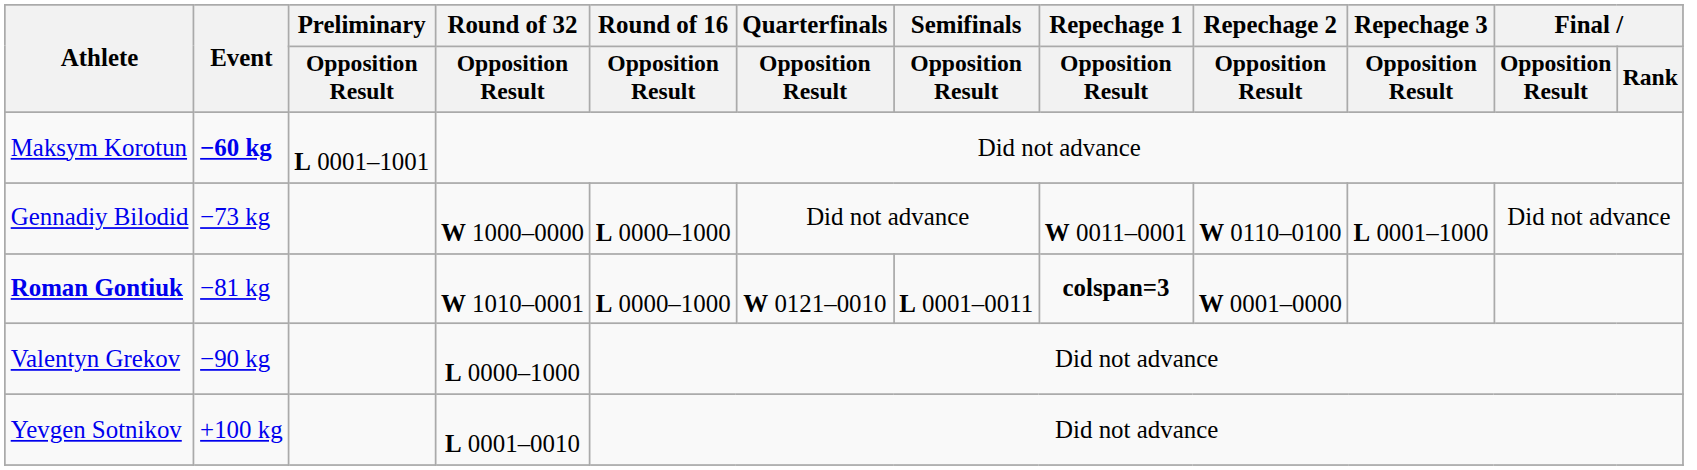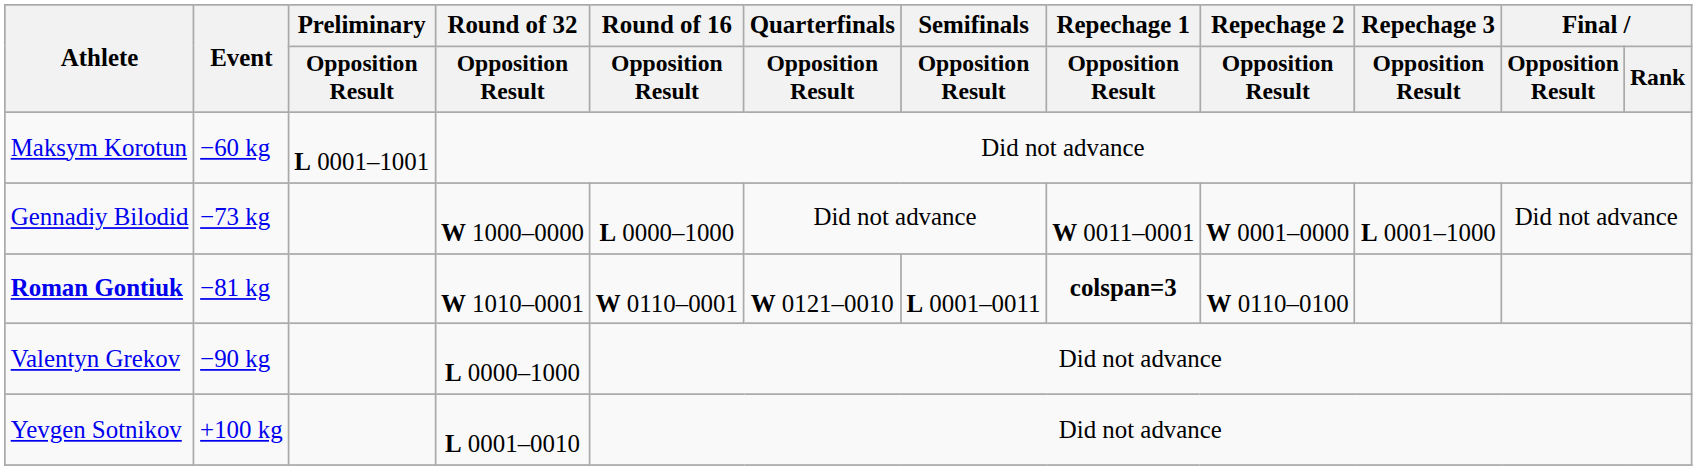 <table class="wikitable" style="font-size:90%">
 <tr>
 <th rowspan="2">Athlete</th>
 <th rowspan="2">Event</th>
 <th>Preliminary</th>
 <th>Round of 32</th>
 <th>Round of 16</th>
 <th>Quarterfinals</th>
 <th>Semifinals</th>
 <th>Repechage 1</th>
 <th>Repechage 2</th>
 <th>Repechage 3</th>
 <th colspan=2>Final / </th>
 </tr>
 <tr style="font-size:95%">
 <th>Opposition<br>Result</th>
 <th>Opposition<br>Result</th>
 <th>Opposition<br>Result</th>
 <th>Opposition<br>Result</th>
 <th>Opposition<br>Result</th>
 <th>Opposition<br>Result</th>
 <th>Opposition<br>Result</th>
 <th>Opposition<br>Result</th>
 <th>Opposition<br>Result</th>
 <th>Rank</th>
 </tr>
 <tr align=center>
 <td align=left><a href='#'>Maksym Korotun</a></td>
-<td align=left><strong><a href='#'>−60 kg</a></strong></td>
+<td align=left><a href='#'>−60 kg</a></td>
 <td><br><strong>L</strong> 0001–1001</td>
 <td colspan=9>Did not advance</td>
 </tr>
 <tr align=center>
 <td align=left><a href='#'>Gennadiy Bilodid</a></td>
 <td align=left><a href='#'>−73 kg</a></td>
 <td></td>
 <td><br><strong>W</strong> 1000–0000</td>
 <td><br><strong>L</strong> 0000–1000</td>
 <td colspan=2>Did not advance</td>
 <td><br><strong>W</strong> 0011–0001</td>
-<td><br> <strong>W</strong> 0110–0100</td>
+<td><br><strong>W</strong> 0001–0000</td>
 <td><br> <strong>L</strong> 0001–1000</td>
 <td colspan=2>Did not advance</td>
 </tr>
 <tr align=center>
 <td align=left><strong><a href='#'>Roman Gontiuk</a></strong></td>
 <td align=left><a href='#'>−81 kg</a></td>
 <td></td>
 <td><br> <strong>W</strong> 1010–0001</td>
-<td><br><strong>L</strong> 0000–1000</td>
+<td><br> <strong>W</strong> 0110–0001</td>
 <td><br> <strong>W</strong> 0121–0010</td>
 <td><br> <strong>L</strong> 0001–0011</td>
 <td><strong>colspan=3 </strong></td>
-<td><br><strong>W</strong> 0001–0000</td>
+<td><br> <strong>W</strong> 0110–0100</td>
 <td></td>
 </tr>
 <tr align=center>
 <td align=left><a href='#'>Valentyn Grekov</a></td>
 <td align=left><a href='#'>−90 kg</a></td>
 <td></td>
 <td><br><strong>L</strong> 0000–1000</td>
 <td colspan=8>Did not advance</td>
 </tr>
 <tr align=center>
 <td align=left><a href='#'>Yevgen Sotnikov</a></td>
 <td align=left><a href='#'>+100 kg</a></td>
 <td></td>
 <td> <br> <strong>L</strong> 0001–0010</td>
 <td colspan=8>Did not advance</td>
 </tr>
 </table>
